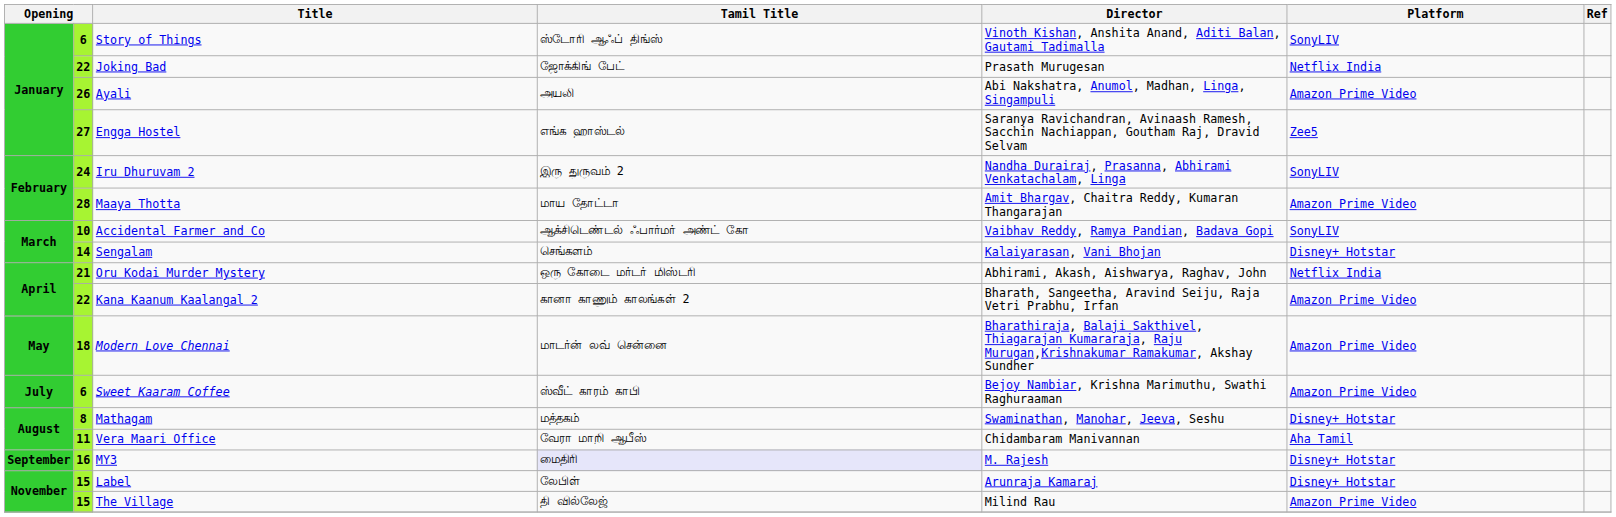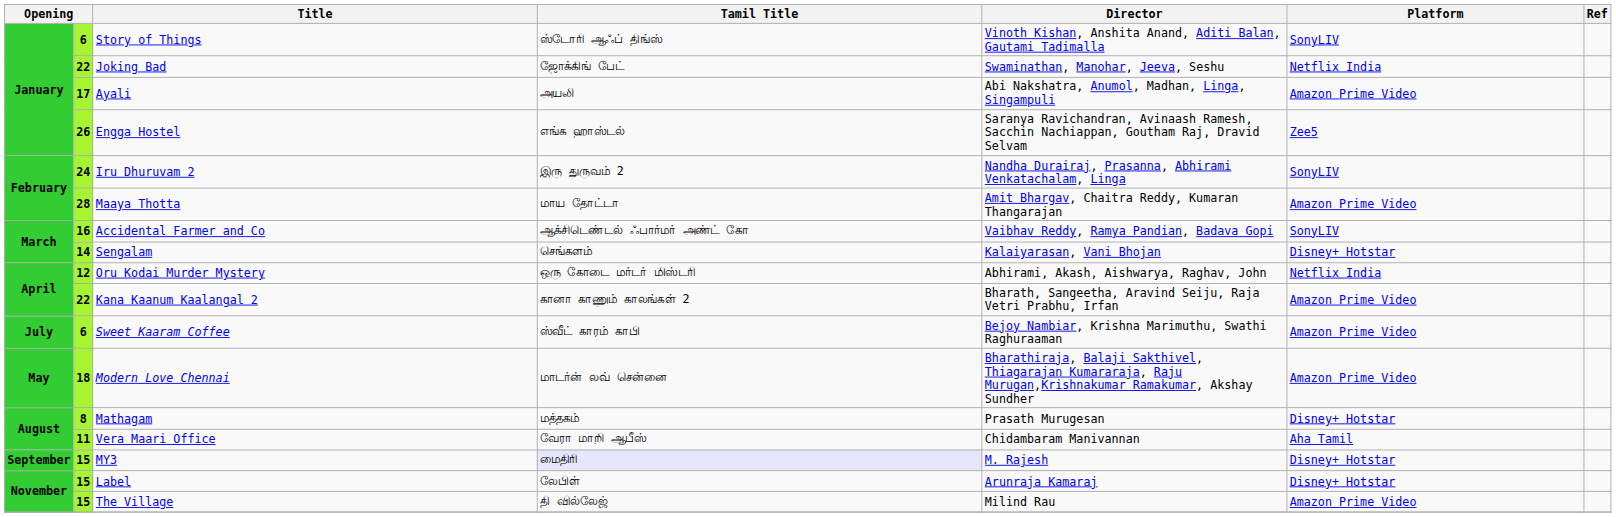 <table class="wikitable" width="90%">
 <tr>
 <th colspan="2">Opening</th>
 <th style="width:30%;">Title</th>
 <th style="width:30%;">Tamil Title</th>
 <th style="width:20%;">Director</th>
 <th style="width:20%;">Platform</th>
 <th>Ref</th>
 </tr>
 <tr>
 <td rowspan="4" style="text-align:center; background:#32CD32; textcolor:#d580ff;"><strong>January</strong></td>
 <td rowspan="1" style="text-align:center; background:#a7f432;"><strong>6</strong></td>
 <td><a href='#'>Story of Things</a></td>
 <td>ஸ்டோரி ஆஃப் திங்ஸ்</td>
 <td><a href='#'>Vinoth Kishan</a>, Anshita Anand, <a href='#'>Aditi Balan</a>, <a href='#'>Gautami Tadimalla</a></td>
 <td><a href='#'>SonyLIV</a></td>
 <td></td>
 </tr>
 <tr>
 <td rowspan="1" style="text-align:center; background:#a7f432;"><strong>22</strong></td>
 <td><a href='#'>Joking Bad</a></td>
 <td>ஜோக்கிங் பேட்</td>
-<td>Prasath Murugesan</td>
+<td><a href='#'>Swaminathan</a>, <a href='#'>Manohar</a>, <a href='#'>Jeeva</a>, Seshu</td>
 <td><a href='#'>Netflix India</a></td>
 <td></td>
 </tr>
 <tr>
-<td style="text-align:center; background:#a7f432;"><strong>26</strong></td>
+<td style="text-align:center; background:#a7f432;"><strong>17</strong></td>
 <td><a href='#'>Ayali</a></td>
 <td>அயலி</td>
 <td>Abi Nakshatra, <a href='#'>Anumol</a>, Madhan, <a href='#'>Linga</a>, <a href='#'>Singampuli</a></td>
 <td><a href='#'>Amazon Prime Video</a></td>
 <td></td>
 </tr>
 <tr>
-<td style="text-align:center; background:#a7f432;"><strong>27</strong></td>
+<td style="text-align:center; background:#a7f432;"><strong>26</strong></td>
 <td><a href='#'>Engga Hostel</a></td>
 <td>எங்க ஹாஸ்டல்</td>
 <td>Saranya Ravichandran,  Avinaash Ramesh, Sacchin Nachiappan, Goutham Raj, Dravid Selvam</td>
 <td><a href='#'>Zee5</a></td>
 <td></td>
 </tr>
 <tr>
 <td rowspan="2" style="text-align:center; background:#32CD32; textcolor:#d580ff;"><strong>February</strong></td>
 <td rowspan="1" style="text-align:center; background:#a7f432;"><strong>24</strong></td>
 <td><a href='#'>Iru Dhuruvam 2</a></td>
 <td>இரு துருவம் 2</td>
 <td><a href='#'>Nandha Durairaj</a>, <a href='#'>Prasanna</a>, <a href='#'>Abhirami Venkatachalam</a>, <a href='#'>Linga</a></td>
 <td><a href='#'>SonyLIV</a></td>
 <td></td>
 </tr>
 <tr>
 <td rowspan="1" style="text-align:center; background:#a7f432;"><strong>28</strong></td>
 <td><a href='#'>Maaya Thotta</a></td>
 <td>மாய தோட்டா</td>
 <td><a href='#'>Amit Bhargav</a>, Chaitra Reddy, Kumaran Thangarajan</td>
 <td><a href='#'>Amazon Prime Video</a></td>
 <td></td>
 </tr>
 <tr>
 <td rowspan="2" style="text-align:center; background:#32CD32; textcolor:#d580ff;"><strong>March</strong></td>
-<td rowspan="1" style="text-align:center; background:#a7f432;"><strong>10</strong></td>
+<td rowspan="1" style="text-align:center; background:#a7f432;"><strong>16</strong></td>
 <td><a href='#'>Accidental Farmer and Co</a></td>
 <td>ஆக்சிடெண்டல் ஃபார்மர் அண்ட் கோ</td>
 <td><a href='#'>Vaibhav Reddy</a>, <a href='#'>Ramya Pandian</a>, <a href='#'>Badava Gopi</a></td>
 <td><a href='#'>SonyLIV</a></td>
 <td></td>
 </tr>
 <tr>
 <td rowspan="1" style="text-align:center; background:#a7f432;"><strong>14</strong></td>
 <td><a href='#'>Sengalam</a></td>
 <td>செங்களம்</td>
 <td><a href='#'>Kalaiyarasan</a>, <a href='#'>Vani Bhojan</a></td>
 <td><a href='#'>Disney+ Hotstar</a></td>
 <td></td>
 </tr>
 <tr>
 <td rowspan="2" style="text-align:center; background:#32CD32; textcolor:#d580ff;"><strong>April</strong></td>
-<td rowspan="1" style="text-align:center; background:#a7f432;"><strong>21</strong></td>
+<td rowspan="1" style="text-align:center; background:#a7f432;"><strong>12</strong></td>
 <td><a href='#'>Oru Kodai Murder Mystery</a></td>
 <td>ஒரு கோடை மர்டர் மிஸ்டரி</td>
 <td>Abhirami, Akash, Aishwarya, Raghav, John</td>
 <td><a href='#'>Netflix India</a></td>
 <td></td>
 </tr>
 <tr>
 <td rowspan="1" style="text-align:center; background:#a7f432;"><strong>22</strong></td>
 <td><a href='#'>Kana Kaanum Kaalangal 2</a></td>
 <td>கானா காணும் காலங்கள் 2</td>
 <td>Bharath, Sangeetha, Aravind Seiju, Raja Vetri Prabhu, Irfan</td>
 <td><a href='#'>Amazon Prime Video</a></td>
 <td></td>
 </tr>
 <tr>
+<td style="text-align:center; background:#32CD32; textcolor:#d580ff;"><strong>July</strong></td>
+<td style="text-align:center; background:#a7f432;"><strong>6</strong></td>
+<td><em><a href='#'>Sweet Kaaram Coffee</a></em></td>
+<td>ஸ்வீட் காரம் காபி</td>
+<td><a href='#'>Bejoy Nambiar</a>, Krishna Marimuthu, Swathi Raghuraaman</td>
+<td><a href='#'>Amazon Prime Video</a></td>
+<td></td>
+</tr>
+<tr>
 <td style="text-align:center; background:#32CD32; textcolor:#d580ff;"><strong>May</strong></td>
 <td style="text-align:center; background:#a7f432;"><strong>18</strong></td>
 <td><em><a href='#'>Modern Love Chennai</a></em></td>
 <td>மாடர்ன் லவ் சென்னை</td>
 <td><a href='#'>Bharathiraja</a>, <a href='#'>Balaji Sakthivel</a>, <a href='#'>Thiagarajan Kumararaja</a>, <a href='#'>Raju Murugan</a>,<a href='#'>Krishnakumar Ramakumar</a>, Akshay Sundher</td>
 <td><a href='#'>Amazon Prime Video</a></td>
 <td></td>
 </tr>
 <tr>
-<td style="text-align:center; background:#32CD32; textcolor:#d580ff;"><strong>July</strong></td>
-<td style="text-align:center; background:#a7f432;"><strong>6</strong></td>
-<td><em><a href='#'>Sweet Kaaram Coffee</a></em></td>
-<td>ஸ்வீட் காரம் காபி</td>
-<td><a href='#'>Bejoy Nambiar</a>, Krishna Marimuthu, Swathi Raghuraaman</td>
-<td><a href='#'>Amazon Prime Video</a></td>
-<td></td>
-</tr>
-<tr>
 <td rowspan="2" style="text-align:center; background:#32CD32; textcolor:#d580ff;"><strong>August</strong></td>
 <td rowspan="1" style="text-align:center; background:#a7f432;"><strong>8</strong></td>
 <td><a href='#'>Mathagam</a></td>
 <td>மத்தகம்</td>
-<td><a href='#'>Swaminathan</a>, <a href='#'>Manohar</a>, <a href='#'>Jeeva</a>, Seshu</td>
+<td>Prasath Murugesan</td>
 <td><a href='#'>Disney+ Hotstar</a></td>
 <td></td>
 </tr>
 <tr>
 <td rowspan="1" style="text-align:center; background:#a7f432;"><strong>11</strong></td>
 <td><a href='#'>Vera Maari Office</a></td>
 <td>வேரா மாறி ஆபீஸ்</td>
 <td>Chidambaram Manivannan</td>
 <td><a href='#'>Aha Tamil</a></td>
 <td></td>
 </tr>
 <tr>
 <td rowspan="1" style="text-align:center; background:#32CD32; textcolor:#d580ff;"><strong>September</strong></td>
-<td rowspan="1" style="text-align:center; background:#a7f432;"><strong>16</strong></td>
+<td rowspan="1" style="text-align:center; background:#a7f432;"><strong>15</strong></td>
 <td><a href='#'>MY3</a></td>
 <td style="background: lavender;">மைதிரி</td>
 <td><a href='#'>M. Rajesh</a></td>
 <td><a href='#'>Disney+ Hotstar</a></td>
 <td></td>
 </tr>
 <tr>
 <td rowspan="2" style="text-align:center; background:#32CD32; textcolor:#d580ff;"><strong>November</strong></td>
 <td rowspan="1" style="text-align:center; background:#a7f432;"><strong>15</strong></td>
 <td><a href='#'>Label</a></td>
 <td>லேபிள்</td>
 <td><a href='#'>Arunraja Kamaraj</a></td>
 <td><a href='#'>Disney+ Hotstar</a></td>
 <td></td>
 </tr>
 <tr>
 <td rowspan="1" style="text-align:center; background:#a7f432;"><strong>15</strong></td>
 <td><a href='#'>The Village</a></td>
 <td>தி வில்லேஜ்</td>
 <td>Milind Rau</td>
 <td><a href='#'>Amazon Prime Video</a></td>
 <td></td>
 </tr>
 <tr>
 </tr>
 </table>
